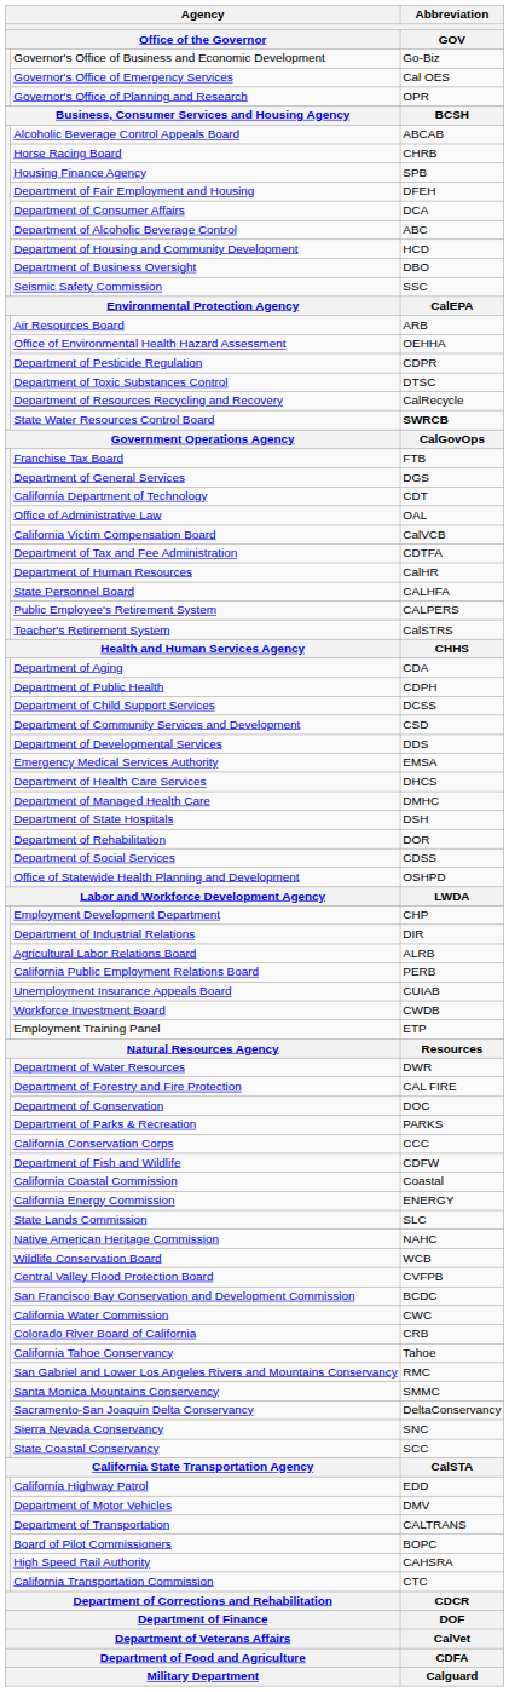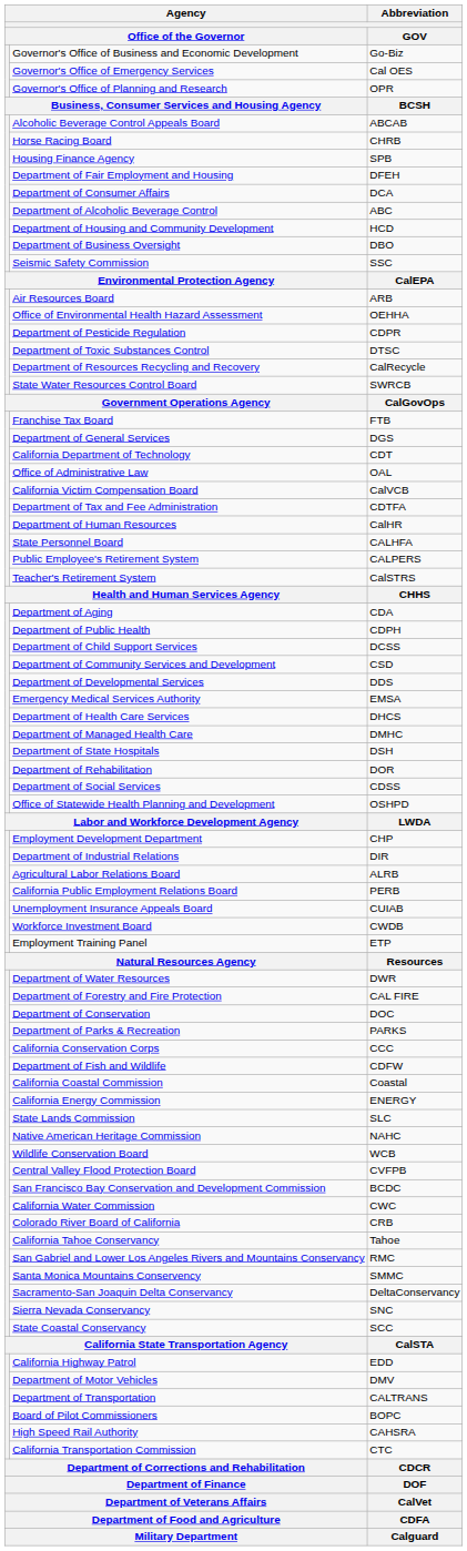 <table class="wikitable">
 <tr>
 <th colspan="2">Agency</th>
 <th>Abbreviation</th>
 </tr>
 <tr>
 <th colspan="3"></th>
 </tr>
 <tr>
 <th colspan="2"><a href='#'>Office of the Governor</a></th>
 <th>GOV</th>
 </tr>
 <tr>
 <th rowspan="3"></th>
 <td>Governor's Office of Business and Economic Development</td>
 <td>Go-Biz</td>
 </tr>
 <tr>
 <td><a href='#'>Governor's Office of Emergency Services</a></td>
 <td>Cal OES</td>
 </tr>
 <tr>
 <td><a href='#'>Governor's Office of Planning and Research</a></td>
 <td>OPR</td>
 </tr>
 <tr>
 <th colspan="2"><a href='#'>Business, Consumer Services and Housing Agency</a></th>
 <th>BCSH</th>
 </tr>
 <tr>
 <th rowspan="9"></th>
 <td><a href='#'>Alcoholic Beverage Control Appeals Board</a></td>
 <td>ABCAB</td>
 </tr>
 <tr>
 <td><a href='#'>Horse Racing Board</a></td>
 <td>CHRB</td>
 </tr>
 <tr>
 <td><a href='#'>Housing Finance Agency</a></td>
 <td>SPB</td>
 </tr>
 <tr>
 <td><a href='#'>Department of Fair Employment and Housing</a></td>
 <td>DFEH</td>
 </tr>
 <tr>
 <td><a href='#'>Department of Consumer Affairs</a></td>
 <td>DCA</td>
 </tr>
 <tr>
 <td><a href='#'>Department of Alcoholic Beverage Control</a></td>
 <td>ABC</td>
 </tr>
 <tr>
 <td><a href='#'>Department of Housing and Community Development</a></td>
 <td>HCD</td>
 </tr>
 <tr>
 <td><a href='#'>Department of Business Oversight</a></td>
 <td>DBO</td>
 </tr>
 <tr>
 <td><a href='#'>Seismic Safety Commission</a></td>
 <td>SSC</td>
 </tr>
 <tr>
 <th colspan="2"><a href='#'>Environmental Protection Agency</a></th>
 <th>CalEPA</th>
 </tr>
 <tr>
 <th rowspan="6"></th>
 <td><a href='#'>Air Resources Board</a></td>
 <td>ARB</td>
 </tr>
 <tr>
 <td><a href='#'>Office of Environmental Health Hazard Assessment</a></td>
 <td>OEHHA</td>
 </tr>
 <tr>
 <td><a href='#'>Department of Pesticide Regulation</a></td>
 <td>CDPR</td>
 </tr>
 <tr>
 <td><a href='#'>Department of Toxic Substances Control</a></td>
 <td>DTSC</td>
 </tr>
 <tr>
 <td><a href='#'>Department of Resources Recycling and Recovery</a></td>
 <td>CalRecycle</td>
 </tr>
 <tr>
 <td><a href='#'>State Water Resources Control Board</a></td>
-<td><strong>SWRCB</strong></td>
+<td>SWRCB</td>
 </tr>
 <tr>
 <th colspan="2"><a href='#'>Government Operations Agency</a></th>
 <th>CalGovOps</th>
 </tr>
 <tr>
 <th rowspan="10"></th>
 <td><a href='#'>Franchise Tax Board</a></td>
 <td>FTB</td>
 </tr>
 <tr>
 <td><a href='#'>Department of General Services</a></td>
 <td>DGS</td>
 </tr>
 <tr>
 <td><a href='#'>California Department of Technology</a></td>
 <td>CDT</td>
 </tr>
 <tr>
 <td><a href='#'>Office of Administrative Law</a></td>
 <td>OAL</td>
 </tr>
 <tr>
 <td><a href='#'>California Victim Compensation Board</a></td>
 <td>CalVCB</td>
 </tr>
 <tr>
 <td><a href='#'>Department of Tax and Fee Administration</a></td>
 <td>CDTFA</td>
 </tr>
 <tr>
 <td><a href='#'>Department of Human Resources</a></td>
 <td>CalHR</td>
 </tr>
 <tr>
 <td><a href='#'>State Personnel Board</a></td>
 <td>CALHFA</td>
 </tr>
 <tr>
 <td><a href='#'>Public Employee's Retirement System</a></td>
 <td>CALPERS</td>
 </tr>
 <tr>
 <td><a href='#'>Teacher's Retirement System</a></td>
 <td>CalSTRS</td>
 </tr>
 <tr>
 <th colspan="2"><a href='#'>Health and Human Services Agency</a></th>
 <th>CHHS</th>
 </tr>
 <tr>
 <th rowspan="12"></th>
 <td><a href='#'>Department of Aging</a></td>
 <td>CDA</td>
 </tr>
 <tr>
 <td><a href='#'>Department of Public Health</a></td>
 <td>CDPH</td>
 </tr>
 <tr>
 <td><a href='#'>Department of Child Support Services</a></td>
 <td>DCSS</td>
 </tr>
 <tr>
 <td><a href='#'>Department of Community Services and Development</a></td>
 <td>CSD</td>
 </tr>
 <tr>
 <td><a href='#'>Department of Developmental Services</a></td>
 <td>DDS</td>
 </tr>
 <tr>
 <td><a href='#'>Emergency Medical Services Authority</a></td>
 <td>EMSA</td>
 </tr>
 <tr>
 <td><a href='#'>Department of Health Care Services</a></td>
 <td>DHCS</td>
 </tr>
 <tr>
 <td><a href='#'>Department of Managed Health Care</a></td>
 <td>DMHC</td>
 </tr>
 <tr>
 <td><a href='#'>Department of State Hospitals</a></td>
 <td>DSH</td>
 </tr>
 <tr>
 <td><a href='#'>Department of Rehabilitation</a></td>
 <td>DOR</td>
 </tr>
 <tr>
 <td><a href='#'>Department of Social Services</a></td>
 <td>CDSS</td>
 </tr>
 <tr>
 <td><a href='#'>Office of Statewide Health Planning and Development</a></td>
 <td>OSHPD</td>
 </tr>
 <tr>
 <th colspan="2"><a href='#'>Labor and Workforce Development Agency</a></th>
 <th>LWDA</th>
 </tr>
 <tr>
 <th rowspan="7"></th>
 <td><a href='#'>Employment Development Department</a></td>
 <td>CHP</td>
 </tr>
 <tr>
 <td><a href='#'>Department of Industrial Relations</a></td>
 <td>DIR</td>
 </tr>
 <tr>
 <td><a href='#'>Agricultural Labor Relations Board</a></td>
 <td>ALRB</td>
 </tr>
 <tr>
 <td><a href='#'>California Public Employment Relations Board</a></td>
 <td>PERB</td>
 </tr>
 <tr>
 <td><a href='#'>Unemployment Insurance Appeals Board</a></td>
 <td>CUIAB</td>
 </tr>
 <tr>
 <td><a href='#'>Workforce Investment Board</a></td>
 <td>CWDB</td>
 </tr>
 <tr>
 <td>Employment Training Panel</td>
 <td>ETP</td>
 </tr>
 <tr>
 <th colspan="2"><a href='#'>Natural Resources Agency</a></th>
 <th>Resources</th>
 </tr>
 <tr>
 <th rowspan="21"></th>
 <td><a href='#'>Department of Water Resources</a></td>
 <td>DWR</td>
 </tr>
 <tr>
 <td><a href='#'>Department of Forestry and Fire Protection</a></td>
 <td>CAL FIRE</td>
 </tr>
 <tr>
 <td><a href='#'>Department of Conservation</a></td>
 <td>DOC</td>
 </tr>
 <tr>
 <td><a href='#'>Department of Parks & Recreation</a></td>
 <td>PARKS</td>
 </tr>
 <tr>
 <td><a href='#'>California Conservation Corps</a></td>
 <td>CCC</td>
 </tr>
 <tr>
 <td><a href='#'>Department of Fish and Wildlife</a></td>
 <td>CDFW</td>
 </tr>
 <tr>
 <td><a href='#'>California Coastal Commission</a></td>
 <td>Coastal</td>
 </tr>
 <tr>
 <td><a href='#'>California Energy Commission</a></td>
 <td>ENERGY</td>
 </tr>
 <tr>
 <td><a href='#'>State Lands Commission</a></td>
 <td>SLC</td>
 </tr>
 <tr>
 <td><a href='#'>Native American Heritage Commission</a></td>
 <td>NAHC</td>
 </tr>
 <tr>
 <td><a href='#'>Wildlife Conservation Board</a></td>
 <td>WCB</td>
 </tr>
 <tr>
 <td><a href='#'>Central Valley Flood Protection Board</a></td>
 <td>CVFPB</td>
 </tr>
 <tr>
 <td><a href='#'>San Francisco Bay Conservation and Development Commission</a></td>
 <td>BCDC</td>
 </tr>
 <tr>
 <td><a href='#'>California Water Commission</a></td>
 <td>CWC</td>
 </tr>
 <tr>
 <td><a href='#'>Colorado River Board of California</a></td>
 <td>CRB</td>
 </tr>
 <tr>
 <td><a href='#'>California Tahoe Conservancy</a></td>
 <td>Tahoe</td>
 </tr>
 <tr>
 <td><a href='#'>San Gabriel and Lower Los Angeles Rivers and Mountains Conservancy</a></td>
 <td>RMC</td>
 </tr>
 <tr>
 <td><a href='#'>Santa Monica Mountains Conservency</a></td>
 <td>SMMC</td>
 </tr>
 <tr>
 <td><a href='#'>Sacramento-San Joaquin Delta Conservancy</a></td>
 <td>DeltaConservancy</td>
 </tr>
 <tr>
 <td><a href='#'>Sierra Nevada Conservancy</a></td>
 <td>SNC</td>
 </tr>
 <tr>
 <td><a href='#'>State Coastal Conservancy</a></td>
 <td>SCC</td>
 </tr>
 <tr>
 <th colspan="2"><a href='#'>California State Transportation Agency</a></th>
 <th>CalSTA</th>
 </tr>
 <tr>
 <th rowspan="6"></th>
 <td><a href='#'>California Highway Patrol</a></td>
 <td>EDD</td>
 </tr>
 <tr>
 <td><a href='#'>Department of Motor Vehicles</a></td>
 <td>DMV</td>
 </tr>
 <tr>
 <td><a href='#'>Department of Transportation</a></td>
 <td>CALTRANS</td>
 </tr>
 <tr>
 <td><a href='#'>Board of Pilot Commissioners</a></td>
 <td>BOPC</td>
 </tr>
 <tr>
 <td><a href='#'>High Speed Rail Authority</a></td>
 <td>CAHSRA</td>
 </tr>
 <tr>
 <td><a href='#'>California Transportation Commission</a></td>
 <td>CTC</td>
 </tr>
 <tr>
 <th colspan="2"><a href='#'>Department of Corrections and Rehabilitation</a></th>
 <th>CDCR</th>
 </tr>
 <tr>
 <th colspan="2"><a href='#'>Department of Finance</a></th>
 <th>DOF</th>
 </tr>
 <tr>
 <th colspan="2"><a href='#'>Department of Veterans Affairs</a></th>
 <th>CalVet</th>
 </tr>
 <tr>
 <th colspan="2"><a href='#'>Department of Food and Agriculture</a></th>
 <th>CDFA</th>
 </tr>
 <tr>
 <th colspan="2"><a href='#'>Military Department</a></th>
 <th>Calguard</th>
 </tr>
 </table>
